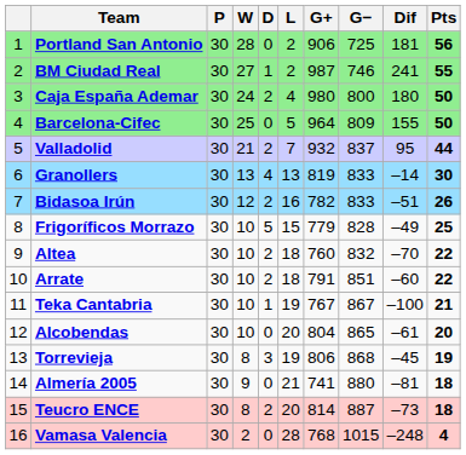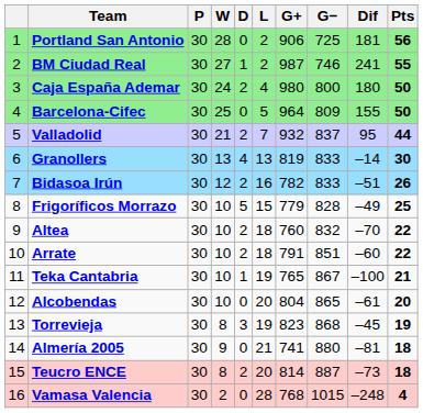 <table class="wikitable sortable" style="text-align: center;">
 <tr>
 <th align="center"></th>
 <th align="center">Team</th>
 <th align="center">P</th>
 <th align="center">W</th>
 <th align="center">D</th>
 <th align="center">L</th>
 <th align="center">G+</th>
 <th align="center">G−</th>
 <th align="center">Dif</th>
 <th align="center">Pts</th>
 </tr>
 <tr style="background: #90EE90;">
 <td>1</td>
 <td align="left"><strong><a href='#'>Portland San Antonio</a></strong></td>
 <td>30</td>
 <td>28</td>
 <td>0</td>
 <td>2</td>
 <td>906</td>
 <td>725</td>
 <td>181</td>
 <td><strong>56</strong></td>
 </tr>
 <tr style="background: #90EE90;">
 <td>2</td>
 <td align="left"><strong><a href='#'>BM Ciudad Real</a></strong></td>
 <td>30</td>
 <td>27</td>
 <td>1</td>
 <td>2</td>
 <td>987</td>
 <td>746</td>
 <td>241</td>
 <td><strong>55</strong></td>
 </tr>
 <tr style="background: #90EE90;">
 <td>3</td>
 <td align="left"><strong><a href='#'>Caja España Ademar</a></strong></td>
 <td>30</td>
 <td>24</td>
 <td>2</td>
 <td>4</td>
 <td>980</td>
 <td>800</td>
 <td>180</td>
 <td><strong>50</strong></td>
 </tr>
 <tr style="background: #90EE90;">
 <td>4</td>
 <td align="left"><strong><a href='#'>Barcelona-Cifec</a></strong></td>
 <td>30</td>
 <td>25</td>
 <td>0</td>
 <td>5</td>
 <td>964</td>
 <td>809</td>
 <td>155</td>
 <td><strong>50</strong></td>
 </tr>
 <tr style="background: #ccccff;">
 <td>5</td>
 <td align="left"><strong><a href='#'>Valladolid</a></strong></td>
 <td>30</td>
 <td>21</td>
 <td>2</td>
 <td>7</td>
 <td>932</td>
 <td>837</td>
 <td>95</td>
 <td><strong>44</strong></td>
 </tr>
 <tr style="background: #97DEFF;">
 <td>6</td>
 <td align="left"><strong><a href='#'>Granollers</a></strong></td>
 <td>30</td>
 <td>13</td>
 <td>4</td>
 <td>13</td>
 <td>819</td>
 <td>833</td>
 <td>–14</td>
 <td><strong>30</strong></td>
 </tr>
 <tr style="background: #97DEFF;">
 <td>7</td>
 <td align="left"><strong><a href='#'>Bidasoa Irún</a></strong></td>
 <td>30</td>
 <td>12</td>
 <td>2</td>
 <td>16</td>
 <td>782</td>
 <td>833</td>
 <td>–51</td>
 <td><strong>26</strong></td>
 </tr>
 <tr style="background:">
 <td>8</td>
 <td align="left"><strong><a href='#'>Frigoríficos Morrazo</a></strong></td>
 <td>30</td>
 <td>10</td>
 <td>5</td>
 <td>15</td>
 <td>779</td>
 <td>828</td>
 <td>–49</td>
 <td><strong>25</strong></td>
 </tr>
 <tr style="background:">
 <td>9</td>
 <td align="left"><strong><a href='#'>Altea</a></strong></td>
 <td>30</td>
 <td>10</td>
 <td>2</td>
 <td>18</td>
 <td>760</td>
 <td>832</td>
 <td>–70</td>
 <td><strong>22</strong></td>
 </tr>
 <tr style="background:">
 <td>10</td>
 <td align="left"><strong><a href='#'>Arrate</a></strong></td>
 <td>30</td>
 <td>10</td>
 <td>2</td>
 <td>18</td>
 <td>791</td>
 <td>851</td>
 <td>–60</td>
 <td><strong>22</strong></td>
 </tr>
 <tr style="background:">
 <td>11</td>
 <td align="left"><strong><a href='#'>Teka Cantabria</a></strong></td>
 <td>30</td>
 <td>10</td>
 <td>1</td>
 <td>19</td>
-<td>767</td>
+<td>765</td>
 <td>867</td>
 <td>–100</td>
 <td><strong>21</strong></td>
 </tr>
 <tr style="background:">
 <td>12</td>
 <td align="left"><strong><a href='#'>Alcobendas</a></strong></td>
 <td>30</td>
 <td>10</td>
 <td>0</td>
 <td>20</td>
 <td>804</td>
 <td>865</td>
 <td>–61</td>
 <td><strong>20</strong></td>
 </tr>
 <tr style="background:">
 <td>13</td>
 <td align="left"><strong><a href='#'>Torrevieja</a></strong></td>
 <td>30</td>
 <td>8</td>
 <td>3</td>
 <td>19</td>
-<td>806</td>
+<td>823</td>
 <td>868</td>
 <td>–45</td>
 <td><strong>19</strong></td>
 </tr>
 <tr style="background:">
 <td>14</td>
 <td align="left"><strong><a href='#'>Almería 2005</a></strong></td>
 <td>30</td>
 <td>9</td>
 <td>0</td>
 <td>21</td>
 <td>741</td>
 <td>880</td>
 <td>–81</td>
 <td><strong>18</strong></td>
 </tr>
 <tr style="background: #FFCCCC;">
 <td>15</td>
 <td align="left"><strong><a href='#'>Teucro ENCE</a></strong></td>
 <td>30</td>
 <td>8</td>
 <td>2</td>
 <td>20</td>
 <td>814</td>
 <td>887</td>
 <td>–73</td>
 <td><strong>18</strong></td>
 </tr>
 <tr style="background: #FFCCCC;">
 <td>16</td>
 <td align="left"><strong><a href='#'>Vamasa Valencia</a></strong></td>
 <td>30</td>
 <td>2</td>
 <td>0</td>
 <td>28</td>
 <td>768</td>
 <td>1015</td>
 <td>–248</td>
 <td><strong>4</strong></td>
 </tr>
 </table>
